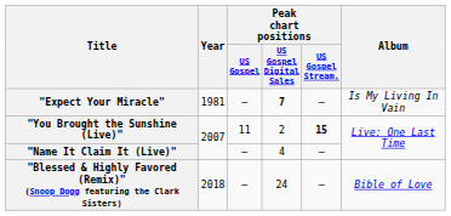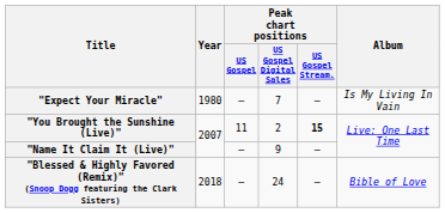 <table class="wikitable plainrowheaders" style="text-align:center;" border="1">
 <tr>
 <th scope="col" rowspan="2" style="width:19em;">Title</th>
 <th scope="col" rowspan="2" style="width:2em;">Year</th>
 <th scope="col" colspan="3">Peak<br>chart<br>positions</th>
 <th scope="col" rowspan="2" style="width:10em;">Album</th>
 </tr>
 <tr>
 <th scope="col" style="width:3em;font-size:85%;"><a href='#'>US<br>Gospel</a><br></th>
 <th scope="col" style="width:3em;font-size:85%;"><a href='#'>US<br>Gospel<br>Digital<br>Sales</a><br></th>
 <th scope="col" style="width:3em;font-size:85%;"><a href='#'>US<br>Gospel<br>Stream.</a><br></th>
 </tr>
 <tr>
 <th scope="row">"Expect Your Miracle"</th>
-<td rowspan="1">1981</td>
+<td rowspan="1">1980</td>
 <td>—</td>
-<td><strong>7</strong></td>
+<td>7</td>
 <td>—</td>
 <td><em>Is My Living In Vain</em></td>
 </tr>
 <tr>
 <th scope="row">"You Brought the Sunshine (Live)"</th>
 <td rowspan="2">2007</td>
 <td>11<br></td>
 <td>2</td>
 <td><strong>15</strong></td>
 <td rowspan="2"><em><a href='#'>Live: One Last Time</a></em></td>
 </tr>
 <tr>
 <th scope="row">"Name It Claim It (Live)"</th>
 <td>—</td>
-<td>4</td>
+<td>9</td>
 <td>—</td>
 </tr>
 <tr>
 <th scope="row">"Blessed & Highly Favored (Remix)"<br><small>(<a href='#'>Snoop Dogg</a> featuring the Clark Sisters)</small></th>
 <td rowspan="1">2018</td>
 <td>—</td>
 <td>24</td>
 <td>—</td>
 <td><em><a href='#'>Bible of Love</a></em></td>
 </tr>
 </table>
